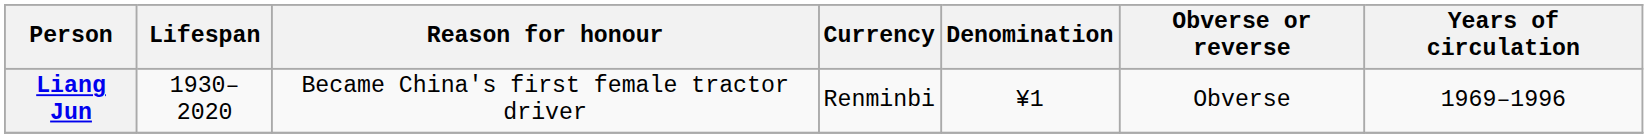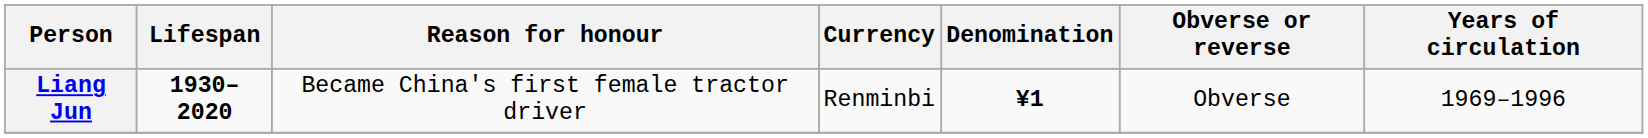 <table class="wikitable" style="font-size:95%; text-align:center;">
 <tr>
 <th>Person</th>
 <th>Lifespan</th>
 <th>Reason for honour</th>
 <th>Currency</th>
 <th>Denomination</th>
 <th>Obverse or reverse</th>
 <th>Years of circulation</th>
 </tr>
 <tr>
 <th><a href='#'>Liang Jun</a></th>
-<td>1930–2020</td>
+<td><strong>1930–2020</strong></td>
 <td>Became China's first female tractor driver</td>
 <td>Renminbi</td>
-<td>¥1</td>
+<td><strong>¥1</strong></td>
 <td>Obverse</td>
 <td>1969–1996</td>
 </tr>
 <tr>
 </tr>
 </table>
